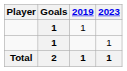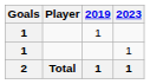 <table class="wikitable sortable" style="text-align:center;">
 <tr>
+<th>Goals</th>
 <th>Player</th>
-<th>Goals</th>
 <th><a href='#'>2019</a></th>
 <th><a href='#'>2023</a></th>
 </tr>
 <tr>
+<th>1</th>
 <td align="left"></td>
-<th>1</th>
 <td>1</td>
 <td></td>
 </tr>
 <tr>
+<th>1</th>
 <td align="left"></td>
-<th>1</th>
 <td></td>
 <td>1</td>
 </tr>
 <tr class="sortbottom">
+<th>2</th>
 <th>Total</th>
-<th>2</th>
 <th>1</th>
 <th>1</th>
 </tr>
 </table>
